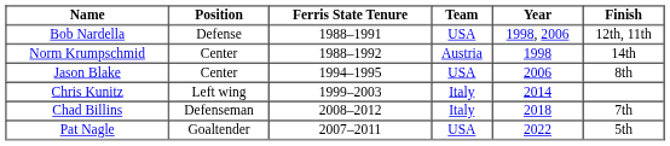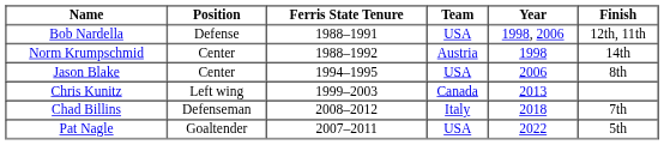 <table cellpadding="1" border="1" cellspacing="0" width="60%">
 <tr>
 <th>Name</th>
 <th>Position</th>
 <th>Ferris State Tenure</th>
 <th>Team</th>
 <th>Year</th>
 <th>Finish</th>
 </tr>
 <tr align="center">
 <td><a href='#'>Bob Nardella</a></td>
 <td>Defense</td>
 <td>1988–1991</td>
 <td> <a href='#'>USA</a></td>
 <td><a href='#'>1998</a>, <a href='#'>2006</a></td>
 <td>12th, 11th</td>
 </tr>
 <tr align="center">
 <td><a href='#'>Norm Krumpschmid</a></td>
 <td>Center</td>
 <td>1988–1992</td>
 <td> <a href='#'>Austria</a></td>
 <td><a href='#'>1998</a></td>
 <td>14th</td>
 </tr>
 <tr align="center">
 <td><a href='#'>Jason Blake</a></td>
 <td>Center</td>
 <td>1994–1995</td>
 <td> <a href='#'>USA</a></td>
 <td><a href='#'>2006</a></td>
 <td>8th</td>
 </tr>
 <tr align="center">
 <td><a href='#'>Chris Kunitz</a></td>
 <td>Left wing</td>
 <td>1999–2003</td>
-<td> <a href='#'>Italy</a></td>
-<td><a href='#'>2014</a></td>
+<td> <a href='#'>Canada</a></td>
+<td><a href='#'>2013</a></td>
 <td></td>
 </tr>
 <tr align="center">
 <td><a href='#'>Chad Billins</a></td>
 <td>Defenseman</td>
 <td>2008–2012</td>
 <td> <a href='#'>Italy</a></td>
 <td><a href='#'>2018</a></td>
 <td>7th</td>
 </tr>
 <tr align="center">
 <td><a href='#'>Pat Nagle</a></td>
 <td>Goaltender</td>
 <td>2007–2011</td>
 <td> <a href='#'>USA</a></td>
 <td><a href='#'>2022</a></td>
 <td>5th</td>
 </tr>
 </table>
